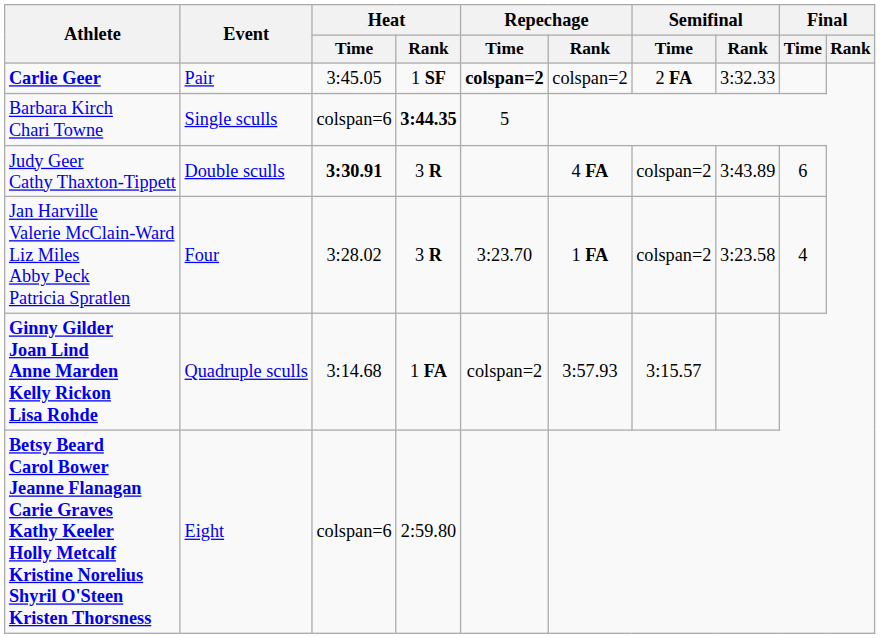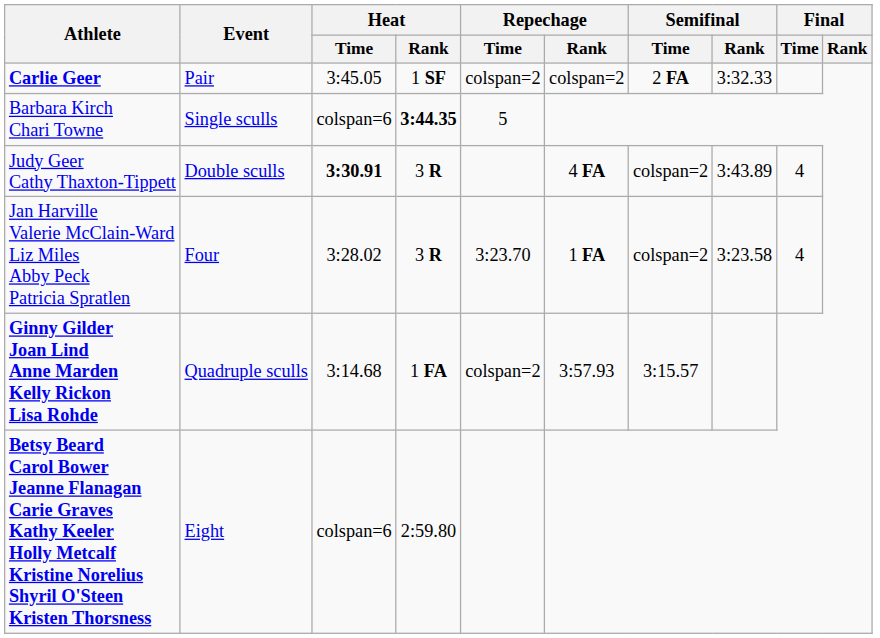 <table class=wikitable style=font-size:90%;text-align:center>
 <tr>
 <th rowspan=2>Athlete</th>
 <th rowspan=2>Event</th>
 <th colspan=2>Heat</th>
 <th colspan=2>Repechage</th>
 <th colspan=2>Semifinal</th>
 <th colspan=2>Final</th>
 </tr>
 <tr style=font-size:95%>
 <th>Time</th>
 <th>Rank</th>
 <th>Time</th>
 <th>Rank</th>
 <th>Time</th>
 <th>Rank</th>
 <th>Time</th>
 <th>Rank</th>
 </tr>
 <tr>
 <td align=left><strong><a href='#'>Carlie Geer</a></strong></td>
 <td align=left><a href='#'>Pair</a></td>
 <td>3:45.05</td>
 <td>1 <strong>SF</strong></td>
-<td><strong>colspan=2 </strong></td>
+<td>colspan=2 </td>
 <td>colspan=2 </td>
 <td>2 <strong>FA</strong></td>
 <td>3:32.33</td>
 <td></td>
 </tr>
 <tr>
 <td align=left><a href='#'>Barbara Kirch</a><br><a href='#'>Chari Towne</a></td>
 <td align=left><a href='#'>Single sculls</a></td>
 <td>colspan=6 </td>
 <td><strong>3:44.35</strong></td>
 <td>5</td>
 </tr>
 <tr>
 <td align=left><a href='#'>Judy Geer</a><br><a href='#'>Cathy Thaxton-Tippett</a></td>
 <td align=left><a href='#'>Double sculls</a></td>
 <td><strong>3:30.91</strong></td>
 <td>3 <strong>R</strong></td>
 <td></td>
 <td>4 <strong>FA</strong></td>
 <td>colspan=2 </td>
 <td>3:43.89</td>
-<td>6</td>
+<td>4</td>
 </tr>
 <tr>
 <td align=left><a href='#'>Jan Harville</a><br><a href='#'>Valerie McClain-Ward</a><br><a href='#'>Liz Miles</a><br><a href='#'>Abby Peck</a><br><a href='#'>Patricia Spratlen</a></td>
 <td align=left><a href='#'>Four</a></td>
 <td>3:28.02</td>
 <td>3 <strong>R</strong></td>
 <td>3:23.70</td>
 <td>1 <strong>FA</strong></td>
 <td>colspan=2 </td>
 <td>3:23.58</td>
 <td>4</td>
 </tr>
 <tr>
 <td align=left><strong><a href='#'>Ginny Gilder</a><br><a href='#'>Joan Lind</a><br><a href='#'>Anne Marden</a><br><a href='#'>Kelly Rickon</a><br><a href='#'>Lisa Rohde</a></strong></td>
 <td align=left><a href='#'>Quadruple sculls</a></td>
 <td>3:14.68</td>
 <td>1 <strong>FA</strong></td>
 <td>colspan=2 </td>
 <td>3:57.93</td>
 <td>3:15.57</td>
 <td></td>
 </tr>
 <tr>
 <td align=left><strong><a href='#'>Betsy Beard</a><br><a href='#'>Carol Bower</a><br><a href='#'>Jeanne Flanagan</a><br><a href='#'>Carie Graves</a><br><a href='#'>Kathy Keeler</a><br><a href='#'>Holly Metcalf</a><br><a href='#'>Kristine Norelius</a><br><a href='#'>Shyril O'Steen</a><br><a href='#'>Kristen Thorsness</a></strong></td>
 <td align=left><a href='#'>Eight</a></td>
 <td>colspan=6 </td>
 <td>2:59.80</td>
 <td></td>
 </tr>
 </table>
